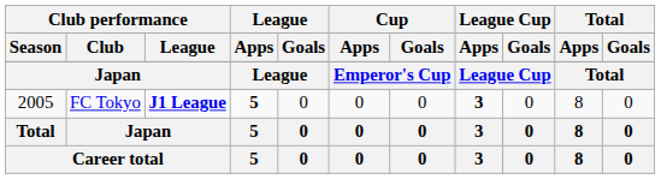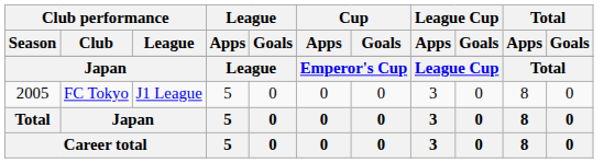 <table class="wikitable" style="text-align:center">
 <tr>
 <th colspan=3>Club performance</th>
 <th colspan=2>League</th>
 <th colspan=2>Cup</th>
 <th colspan=2>League Cup</th>
 <th colspan=2>Total</th>
 </tr>
 <tr>
 <th>Season</th>
 <th>Club</th>
 <th>League</th>
 <th>Apps</th>
 <th>Goals</th>
 <th>Apps</th>
 <th>Goals</th>
 <th>Apps</th>
 <th>Goals</th>
 <th>Apps</th>
 <th>Goals</th>
 </tr>
 <tr>
 </tr>
 <tr>
 <th colspan=3>Japan</th>
 <th colspan=2>League</th>
 <th colspan=2><a href='#'>Emperor's Cup</a></th>
 <th colspan=2><a href='#'>League Cup</a></th>
 <th colspan=2>Total</th>
 </tr>
 <tr>
 <td>2005</td>
 <td><a href='#'>FC Tokyo</a></td>
-<td><strong><a href='#'>J1 League</a></strong></td>
-<td><strong>5</strong></td>
+<td><a href='#'>J1 League</a></td>
+<td>5</td>
 <td>0</td>
 <td>0</td>
 <td>0</td>
-<td><strong>3</strong></td>
+<td>3</td>
 <td>0</td>
 <td>8</td>
 <td>0</td>
 </tr>
 <tr>
 <th rowspan=1>Total</th>
 <th colspan=2>Japan</th>
 <th>5</th>
 <th>0</th>
 <th>0</th>
 <th>0</th>
 <th>3</th>
 <th>0</th>
 <th>8</th>
 <th>0</th>
 </tr>
 <tr>
 <th colspan=3>Career total</th>
 <th>5</th>
 <th>0</th>
 <th>0</th>
 <th>0</th>
 <th>3</th>
 <th>0</th>
 <th>8</th>
 <th>0</th>
 </tr>
 </table>
